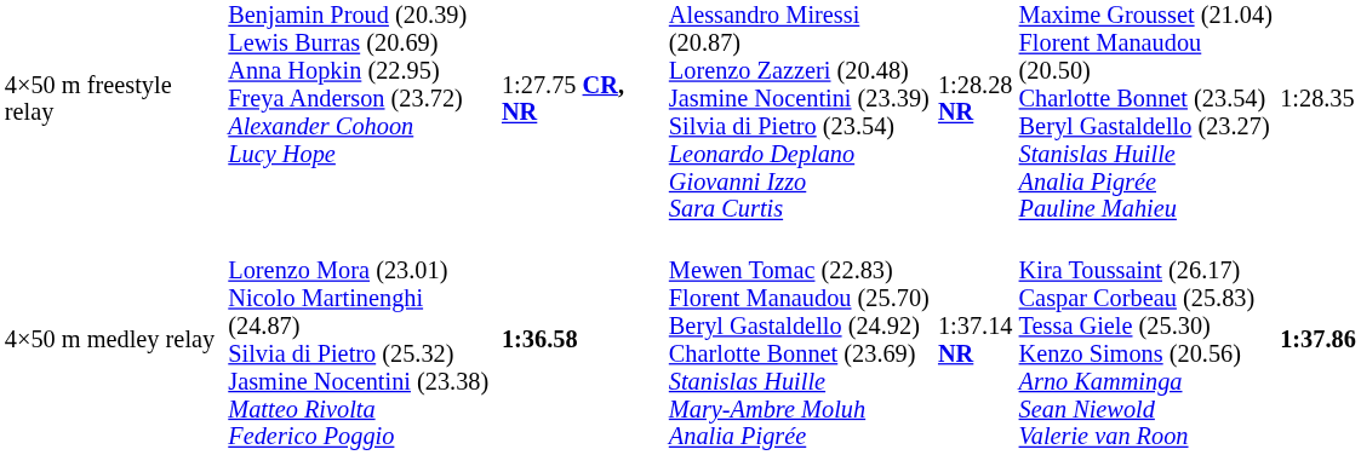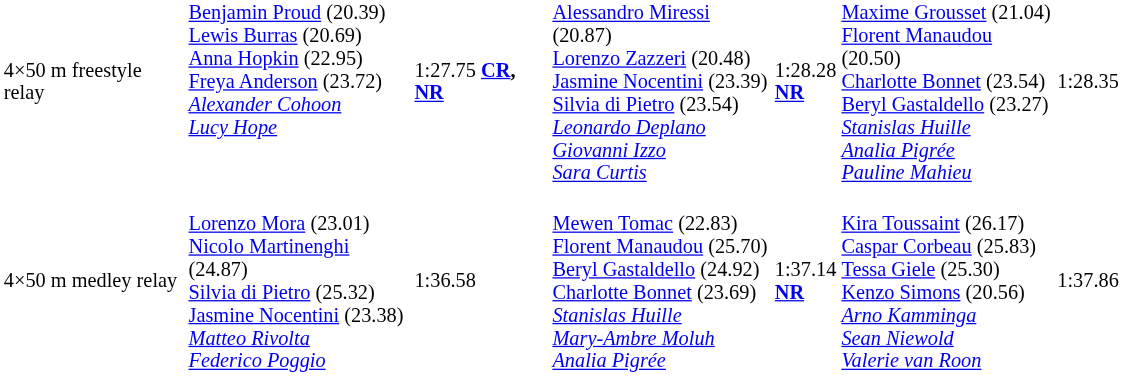 <table>
 <tr>
 <td>4×50 m freestyle relay</td>
 <td valign=top><br><a href='#'>Benjamin Proud</a> (20.39)<br><a href='#'>Lewis Burras</a> (20.69)<br><a href='#'>Anna Hopkin</a> (22.95)<br><a href='#'>Freya Anderson</a> (23.72)<br><em><a href='#'>Alexander Cohoon</a><br><a href='#'>Lucy Hope</a></em></td>
 <td>1:27.75 <strong><a href='#'>CR</a>, <a href='#'>NR</a></strong></td>
 <td valign=top><br><a href='#'>Alessandro Miressi</a> (20.87)<br><a href='#'>Lorenzo Zazzeri</a> (20.48)<br><a href='#'>Jasmine Nocentini</a> (23.39)<br><a href='#'>Silvia di Pietro</a> (23.54)<br><em><a href='#'>Leonardo Deplano</a><br><a href='#'>Giovanni Izzo</a><br><a href='#'>Sara Curtis</a></em></td>
 <td>1:28.28<br><strong><a href='#'>NR</a></strong></td>
 <td valign=top><br><a href='#'>Maxime Grousset</a> (21.04)<br><a href='#'>Florent Manaudou</a> (20.50)<br><a href='#'>Charlotte Bonnet</a> (23.54)<br><a href='#'>Beryl Gastaldello</a> (23.27)<br><em><a href='#'>Stanislas Huille</a><br><a href='#'>Analia Pigrée</a><br><a href='#'>Pauline Mahieu</a></em></td>
 <td>1:28.35</td>
 </tr>
 <tr>
 <td>4×50 m medley relay</td>
 <td valign=top><br><a href='#'>Lorenzo Mora</a> (23.01)<br><a href='#'>Nicolo Martinenghi</a> (24.87)<br><a href='#'>Silvia di Pietro</a> (25.32)<br><a href='#'>Jasmine Nocentini</a> (23.38)<br><em><a href='#'>Matteo Rivolta</a><br><a href='#'>Federico Poggio</a></em></td>
-<td><strong>1:36.58</strong></td>
+<td>1:36.58</td>
 <td valign=top><br><a href='#'>Mewen Tomac</a> (22.83)<br><a href='#'>Florent Manaudou</a> (25.70)<br><a href='#'>Beryl Gastaldello</a> (24.92)<br><a href='#'>Charlotte Bonnet</a> (23.69)<br><em><a href='#'>Stanislas Huille</a><br><a href='#'>Mary-Ambre Moluh</a><br><a href='#'>Analia Pigrée</a></em></td>
 <td>1:37.14<br><strong><a href='#'>NR</a></strong></td>
 <td valign=top><br><a href='#'>Kira Toussaint</a> (26.17)<br><a href='#'>Caspar Corbeau</a> (25.83) <br><a href='#'>Tessa Giele</a> (25.30) <br><a href='#'>Kenzo Simons</a> (20.56)<br><em><a href='#'>Arno Kamminga</a><br><a href='#'>Sean Niewold</a><br><a href='#'>Valerie van Roon</a></em></td>
-<td><strong>1:37.86</strong></td>
+<td>1:37.86</td>
 </tr>
 </table>
